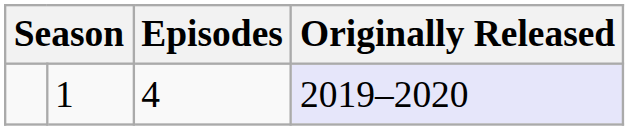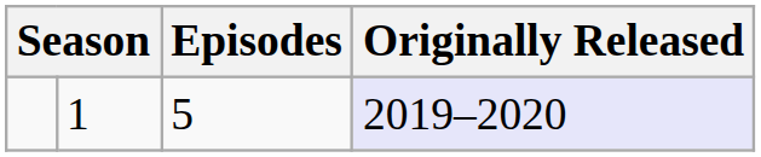 <table class="wikitable">
 <tr>
 <th colspan="2">Season</th>
 <th>Episodes</th>
 <th>Originally Released</th>
 </tr>
 <tr>
 <td></td>
 <td>1</td>
-<td>4</td>
+<td>5</td>
 <td style="background: lavender;">2019–2020</td>
 </tr>
 </table>
